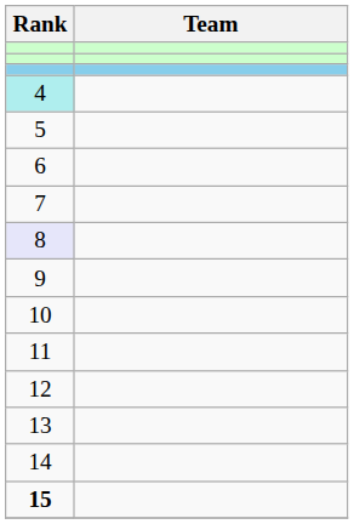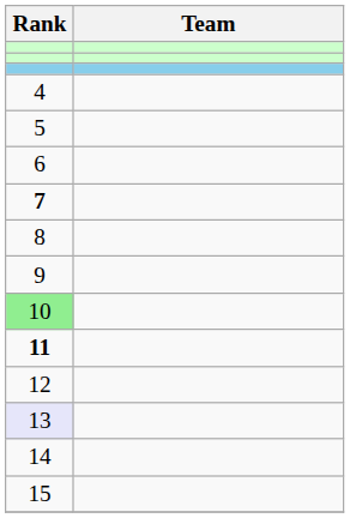 <table class="wikitable" style="text-align: center;">
 <tr>
 <th width=40>Rank</th>
 <th width=180>Team</th>
 </tr>
 <tr bgcolor=#ccffcc>
 <td></td>
 <td align=left></td>
 </tr>
 <tr bgcolor=#ccffcc>
 <td></td>
 <td align=left></td>
 </tr>
 <tr bgcolor=#87ceeb>
 <td></td>
 <td align=left></td>
 </tr>
 <tr>
-<td style="background: paleturquoise;">4</td>
+<td>4</td>
 <td align=left></td>
 </tr>
 <tr>
 <td>5</td>
 <td align=left></td>
 </tr>
 <tr>
 <td>6</td>
 <td align=left></td>
 </tr>
 <tr>
-<td>7</td>
+<td><strong>7</strong></td>
 <td align=left></td>
 </tr>
 <tr>
-<td style="background: lavender;">8</td>
+<td>8</td>
 <td align=left></td>
 </tr>
 <tr>
 <td>9</td>
 <td align=left></td>
 </tr>
 <tr>
-<td>10</td>
+<td style="background: lightgreen;">10</td>
 <td align=left></td>
 </tr>
 <tr>
-<td>11</td>
+<td><strong>11</strong></td>
 <td align=left></td>
 </tr>
 <tr>
 <td>12</td>
 <td align=left></td>
 </tr>
 <tr>
-<td>13</td>
+<td style="background: lavender;">13</td>
 <td align=left></td>
 </tr>
 <tr>
 <td>14</td>
 <td align=left></td>
 </tr>
 <tr>
-<td><strong>15</strong></td>
+<td>15</td>
 <td align=left></td>
 </tr>
 <tr bgcolor=#ccffcc>
 </tr>
 </table>
